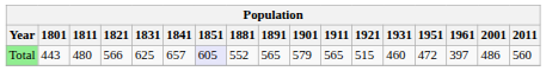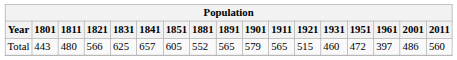 <table class="wikitable" style="margin: 1em auto 1em auto;">
 <tr>
 <th colspan="17">Population</th>
 </tr>
 <tr>
 <th>Year</th>
 <th>1801</th>
 <th>1811</th>
 <th>1821</th>
 <th>1831</th>
 <th>1841</th>
 <th>1851</th>
 <th>1881</th>
 <th>1891</th>
 <th>1901</th>
 <th>1911</th>
 <th>1921</th>
 <th>1931</th>
 <th>1951</th>
 <th>1961</th>
 <th>2001</th>
 <th>2011</th>
 </tr>
 <tr>
-<td style="background: lightgreen;">Total</td>
+<td>Total</td>
 <td>443</td>
 <td>480</td>
 <td>566</td>
 <td>625</td>
 <td>657</td>
-<td style="background: lavender;">605</td>
+<td>605</td>
 <td>552</td>
 <td>565</td>
 <td>579</td>
 <td>565</td>
 <td>515</td>
 <td>460</td>
 <td>472</td>
 <td>397</td>
 <td>486</td>
 <td>560</td>
 </tr>
 <tr>
 </tr>
 </table>
